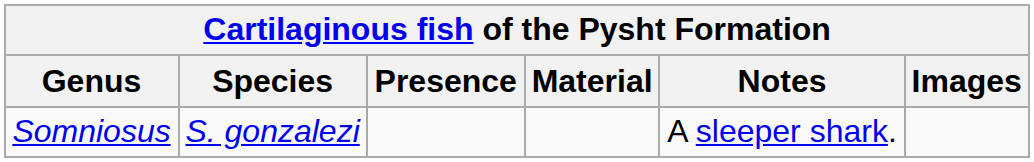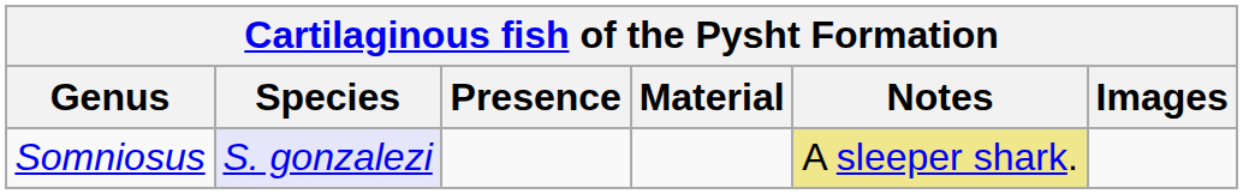 <table class="wikitable" align="center">
 <tr>
 <th colspan="6" align="center"><strong><a href='#'>Cartilaginous fish</a> of the Pysht Formation</strong></th>
 </tr>
 <tr>
 <th>Genus</th>
 <th>Species</th>
 <th>Presence</th>
 <th><strong>Material</strong></th>
 <th>Notes</th>
 <th>Images</th>
 </tr>
 <tr>
 <td><em><a href='#'>Somniosus</a></em></td>
-<td><em><a href='#'>S. gonzalezi</a></em></td>
+<td style="background: lavender;"><em><a href='#'>S. gonzalezi</a></em></td>
 <td></td>
 <td></td>
-<td>A <a href='#'>sleeper shark</a>.</td>
+<td style="background: khaki;">A <a href='#'>sleeper shark</a>.</td>
 <td></td>
 </tr>
 </table>
